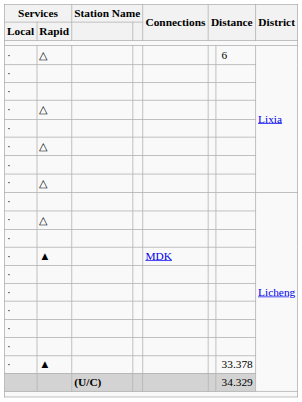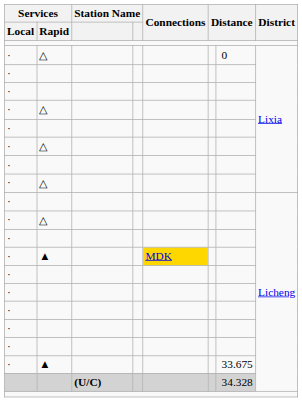 <table class="wikitable">
 <tr>
 <th colspan="2">Services</th>
 <th colspan="2">Station Name</th>
 <th rowspan="2">Connections</th>
 <th colspan="2" rowspan="2">Distance<br></th>
 <th rowspan="2">District</th>
 </tr>
 <tr>
 <th>Local</th>
 <th>Rapid</th>
 <th></th>
 <th></th>
 </tr>
 <tr style="background:#">
 <td colspan = "8"></td>
 </tr>
 <tr>
 <td>·</td>
 <td>△</td>
 <td></td>
 <td></td>
 <td></td>
 <td> </td>
-<td> 6</td>
+<td> 0</td>
 <td rowspan="8"><a href='#'>Lixia</a></td>
 </tr>
 <tr>
 <td>·</td>
 <td></td>
 <td></td>
 <td></td>
 <td></td>
 <td> </td>
 <td> </td>
 </tr>
 <tr>
 <td>·</td>
 <td></td>
 <td></td>
 <td></td>
 <td></td>
 <td> </td>
 <td> </td>
 </tr>
 <tr>
 <td>·</td>
 <td>△</td>
 <td></td>
 <td></td>
 <td></td>
 <td> </td>
 <td> </td>
 </tr>
 <tr>
 <td>·</td>
 <td></td>
 <td></td>
 <td></td>
 <td></td>
 <td> </td>
 <td> </td>
 </tr>
 <tr>
 <td>·</td>
 <td>△</td>
 <td></td>
 <td></td>
 <td></td>
 <td> </td>
 <td> </td>
 </tr>
 <tr>
 <td>·</td>
 <td></td>
 <td></td>
 <td></td>
 <td></td>
 <td> </td>
 <td> </td>
 </tr>
 <tr>
 <td>·</td>
 <td>△</td>
 <td></td>
 <td></td>
 <td></td>
 <td> </td>
 <td> </td>
 </tr>
 <tr>
 <td>·</td>
 <td></td>
 <td></td>
 <td></td>
 <td></td>
 <td> </td>
 <td> </td>
 <td rowspan="11"><a href='#'>Licheng</a></td>
 </tr>
 <tr>
 <td>·</td>
 <td>△</td>
 <td></td>
 <td></td>
 <td></td>
 <td> </td>
 <td> </td>
 </tr>
 <tr>
 <td>·</td>
 <td></td>
 <td></td>
 <td></td>
 <td></td>
 <td> </td>
 <td> </td>
 </tr>
 <tr>
 <td>·</td>
 <td>▲</td>
 <td></td>
 <td></td>
-<td> <a href='#'>MDK</a></td>
+<td style="background: gold;"> <a href='#'>MDK</a></td>
 <td> </td>
 <td> </td>
 </tr>
 <tr>
 <td>·</td>
 <td></td>
 <td></td>
 <td></td>
 <td></td>
 <td> </td>
 <td> </td>
 </tr>
 <tr>
 <td>·</td>
 <td></td>
 <td></td>
 <td></td>
 <td></td>
 <td> </td>
 <td> </td>
 </tr>
 <tr>
 <td>·</td>
 <td></td>
 <td></td>
 <td></td>
 <td></td>
 <td> </td>
 <td> </td>
 </tr>
 <tr>
 <td>·</td>
 <td></td>
 <td></td>
 <td></td>
 <td></td>
 <td> </td>
 <td> </td>
 </tr>
 <tr>
 <td>·</td>
 <td></td>
 <td></td>
 <td></td>
 <td></td>
 <td> </td>
 <td> </td>
 </tr>
 <tr>
 <td>·</td>
 <td>▲</td>
 <td></td>
 <td></td>
 <td></td>
 <td> </td>
-<td> 33.378</td>
+<td> 33.675</td>
 </tr>
 <tr bgcolor="lightgrey">
 <td></td>
 <td></td>
 <td><strong><em></em> (U/C)</strong></td>
 <td></td>
 <td></td>
 <td> </td>
-<td> 34.329</td>
+<td> 34.328</td>
 </tr>
 <tr style="background:#">
 <td colspan = "8"></td>
 </tr>
 </table>
